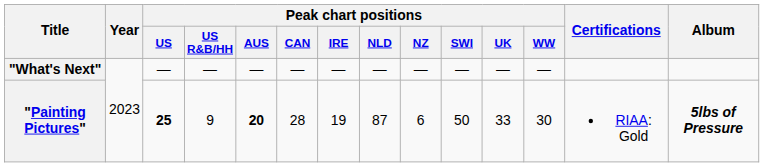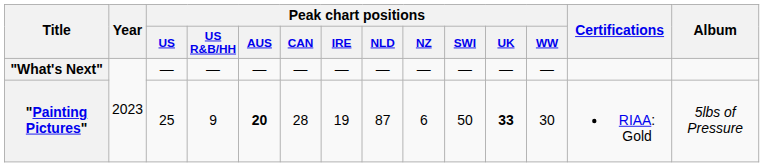 <table class="wikitable plainrowheaders" style="text-align:center;">
 <tr>
 <th scope="col" rowspan="2">Title</th>
 <th scope="col" rowspan="2">Year</th>
 <th scope="col" colspan="10">Peak chart positions</th>
 <th rowspan="2"><a href='#'>Certifications</a></th>
 <th rowspan="2" scope="col">Album</th>
 </tr>
 <tr>
 <th scope="col" style="width:3em;font-size:85%;"><a href='#'>US</a><br></th>
 <th scope="col" style="width:3em;font-size:85%;"><a href='#'>US<br>R&B/HH</a><br></th>
 <th scope="col" style="width:3em;font-size:85%;"><a href='#'>AUS</a><br></th>
 <th scope="col" style="width:3em;font-size:85%;"><a href='#'>CAN</a><br></th>
 <th scope="col" style="width:3em;font-size:85%;"><a href='#'>IRE</a><br></th>
 <th scope="col" style="width:3em;font-size:85%;"><a href='#'>NLD</a><br></th>
 <th scope="col" style="width:3em;font-size:85%;"><a href='#'>NZ</a><br></th>
 <th scope="col" style="width:3em;font-size:85%;"><a href='#'>SWI</a><br></th>
 <th scope="col" style="width:3em;font-size:85%;"><a href='#'>UK</a><br></th>
 <th scope="col" style="width:3em;font-size:85%;"><a href='#'>WW</a><br></th>
 </tr>
 <tr>
 <th scope="row">"What's Next"</th>
 <td rowspan="2">2023</td>
 <td>—</td>
 <td>—</td>
 <td>—</td>
 <td>—</td>
 <td>—</td>
 <td>—</td>
 <td>—</td>
 <td>—</td>
 <td>—</td>
 <td>—</td>
 <td></td>
 <td></td>
 </tr>
 <tr>
 <th scope="row">"<a href='#'>Painting Pictures</a>"</th>
-<td><strong>25</strong></td>
+<td>25</td>
 <td>9</td>
 <td><strong>20</strong></td>
 <td>28</td>
 <td>19</td>
 <td>87</td>
 <td>6</td>
 <td>50</td>
-<td>33</td>
+<td><strong>33</strong></td>
 <td>30</td>
 <td><br><ul><li><a href='#'>RIAA</a>: Gold</li></ul></td>
-<td><strong><em>5lbs of Pressure</em></strong></td>
+<td><em>5lbs of Pressure</em></td>
 </tr>
 </table>
